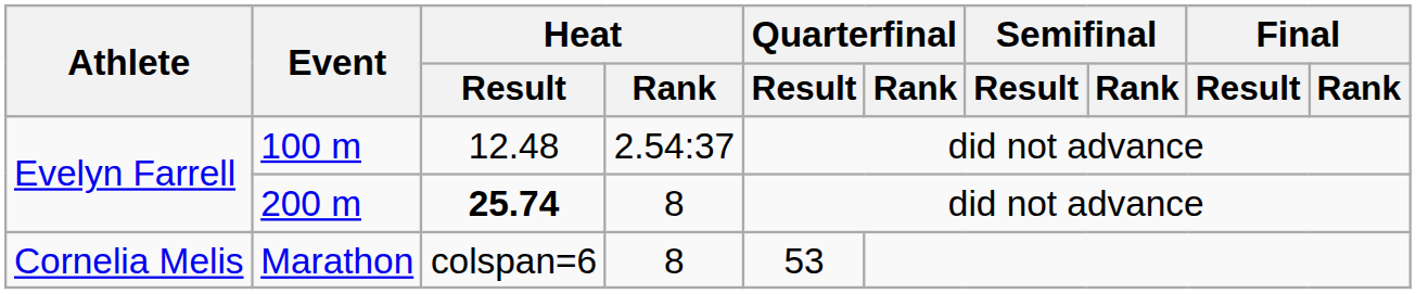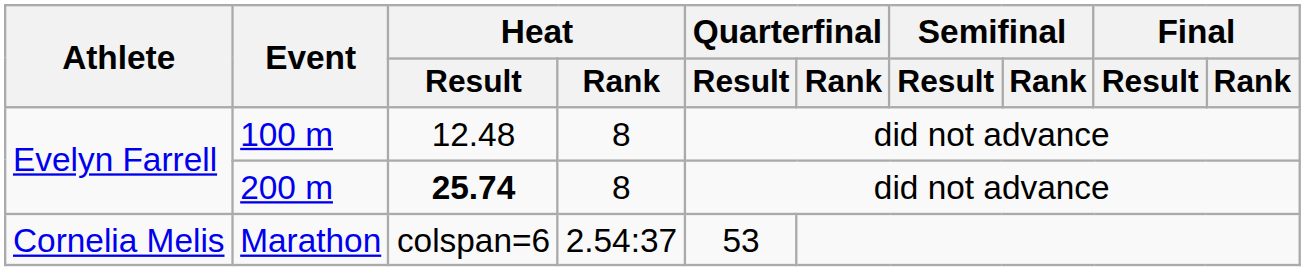 <table class="wikitable" style="font-size:90%">
 <tr>
 <th rowspan="2">Athlete</th>
 <th rowspan="2">Event</th>
 <th colspan="2">Heat</th>
 <th colspan="2">Quarterfinal</th>
 <th colspan="2">Semifinal</th>
 <th colspan="2">Final</th>
 </tr>
 <tr style="font-size:95%">
 <th>Result</th>
 <th>Rank</th>
 <th>Result</th>
 <th>Rank</th>
 <th>Result</th>
 <th>Rank</th>
 <th>Result</th>
 <th>Rank</th>
 </tr>
 <tr align=center>
 <td align=left rowspan=2><a href='#'>Evelyn Farrell</a></td>
 <td align=left><a href='#'>100 m</a></td>
 <td>12.48</td>
-<td>2.54:37</td>
+<td>8</td>
 <td colspan=6>did not advance</td>
 </tr>
 <tr align=center>
 <td align=left><a href='#'>200 m</a></td>
 <td><strong>25.74</strong></td>
 <td>8</td>
 <td colspan=6>did not advance</td>
 </tr>
 <tr align=center>
 <td align=left><a href='#'>Cornelia Melis</a></td>
 <td align=left><a href='#'>Marathon</a></td>
 <td>colspan=6 </td>
-<td>8</td>
+<td>2.54:37</td>
 <td>53</td>
 </tr>
 </table>
